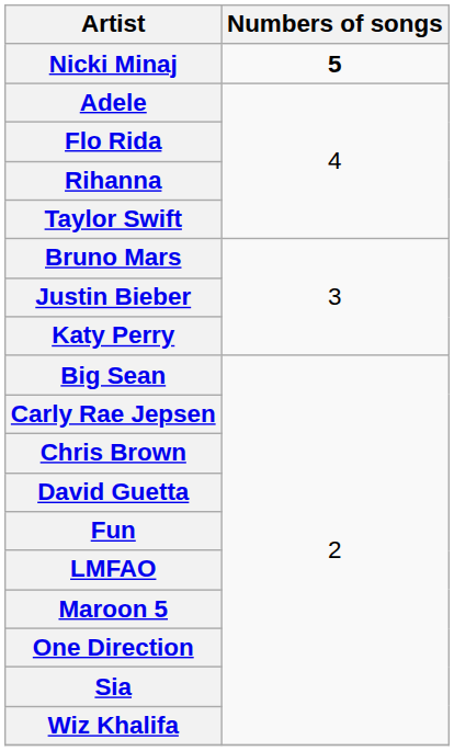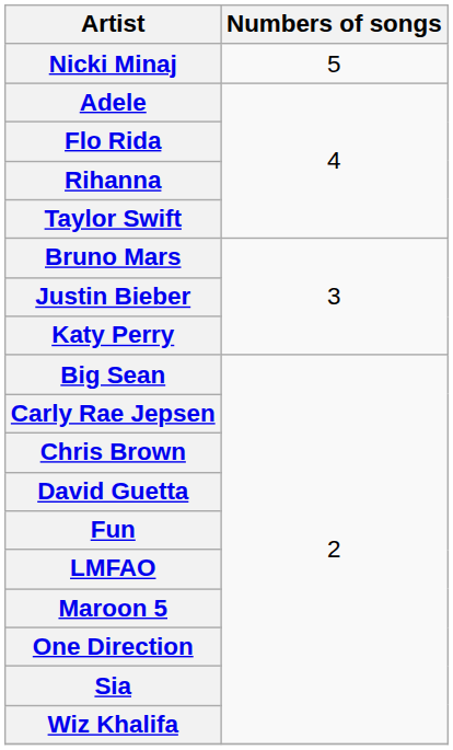 <table class="wikitable sortable plainrowheaders" style="text-align:center;">
 <tr>
 <th scope="col">Artist</th>
 <th scope="col">Numbers of songs</th>
 </tr>
 <tr>
 <th scope="row"><a href='#'>Nicki Minaj</a></th>
-<td><strong>5</strong></td>
+<td>5</td>
 </tr>
 <tr>
 <th scope="row"><a href='#'>Adele</a></th>
 <td rowspan="4">4</td>
 </tr>
 <tr>
 <th scope="row"><a href='#'>Flo Rida</a></th>
 </tr>
 <tr>
 <th scope="row"><a href='#'>Rihanna</a></th>
 </tr>
 <tr>
 <th scope="row"><a href='#'>Taylor Swift</a></th>
 </tr>
 <tr>
 <th scope="row"><a href='#'>Bruno Mars</a></th>
 <td rowspan="3">3</td>
 </tr>
 <tr>
 <th scope="row"><a href='#'>Justin Bieber</a></th>
 </tr>
 <tr>
 <th scope="row"><a href='#'>Katy Perry</a></th>
 </tr>
 <tr>
 <th scope="row"><a href='#'>Big Sean</a></th>
 <td rowspan="10">2</td>
 </tr>
 <tr>
 <th scope="row"><a href='#'>Carly Rae Jepsen</a></th>
 </tr>
 <tr>
 <th scope="row"><a href='#'>Chris Brown</a></th>
 </tr>
 <tr>
 <th scope="row"><a href='#'>David Guetta</a></th>
 </tr>
 <tr>
 <th scope="row"><a href='#'>Fun</a></th>
 </tr>
 <tr>
 <th scope="row"><a href='#'>LMFAO</a></th>
 </tr>
 <tr>
 <th scope="row"><a href='#'>Maroon 5</a></th>
 </tr>
 <tr>
 <th scope="row"><a href='#'>One Direction</a></th>
 </tr>
 <tr>
 <th scope="row"><a href='#'>Sia</a></th>
 </tr>
 <tr>
 <th scope="row"><a href='#'>Wiz Khalifa</a></th>
 </tr>
 <tr>
 </tr>
 </table>
